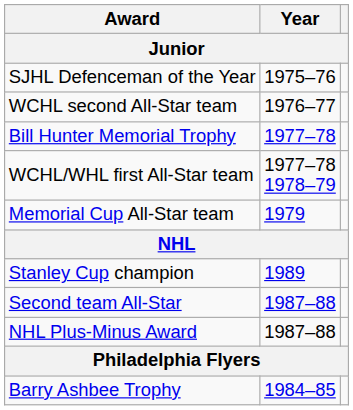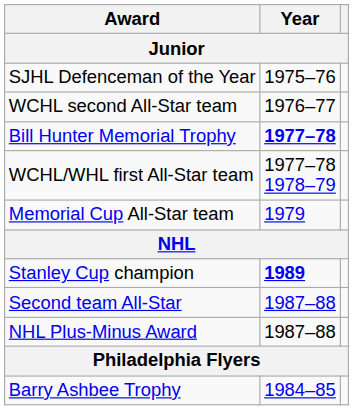 <table class="wikitable">
 <tr>
 <th>Award</th>
 <th>Year</th>
 <th></th>
 </tr>
 <tr>
 <th colspan="3">Junior</th>
 </tr>
 <tr>
 <td>SJHL Defenceman of the Year</td>
 <td>1975–76</td>
 <td></td>
 </tr>
 <tr>
 <td>WCHL second All-Star team</td>
 <td>1976–77</td>
 <td></td>
 </tr>
 <tr>
 <td><a href='#'>Bill Hunter Memorial Trophy</a></td>
-<td><a href='#'>1977–78</a></td>
+<td><strong><a href='#'>1977–78</a></strong></td>
 <td></td>
 </tr>
 <tr>
 <td>WCHL/WHL first All-Star team</td>
 <td>1977–78<br><a href='#'>1978–79</a></td>
 <td></td>
 </tr>
 <tr>
 <td><a href='#'>Memorial Cup</a> All-Star team</td>
 <td><a href='#'>1979</a></td>
 <td></td>
 </tr>
 <tr>
 <th colspan="3"><a href='#'>NHL</a></th>
 </tr>
 <tr>
 <td><a href='#'>Stanley Cup</a> champion</td>
-<td><a href='#'>1989</a></td>
+<td><strong><a href='#'>1989</a></strong></td>
 <td></td>
 </tr>
 <tr>
 <td><a href='#'>Second team All-Star</a></td>
 <td><a href='#'>1987–88</a></td>
 <td></td>
 </tr>
 <tr>
 <td><a href='#'>NHL Plus-Minus Award</a></td>
 <td>1987–88</td>
 <td></td>
 </tr>
 <tr>
 <th colspan="3">Philadelphia Flyers</th>
 </tr>
 <tr>
 <td><a href='#'>Barry Ashbee Trophy</a></td>
 <td><a href='#'>1984–85</a></td>
 <td></td>
 </tr>
 </table>
